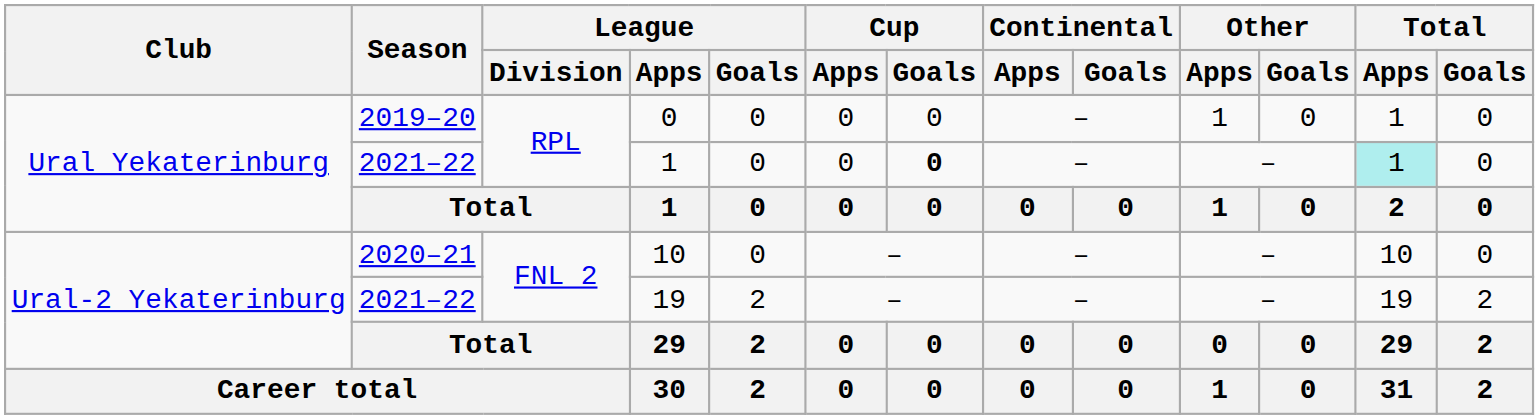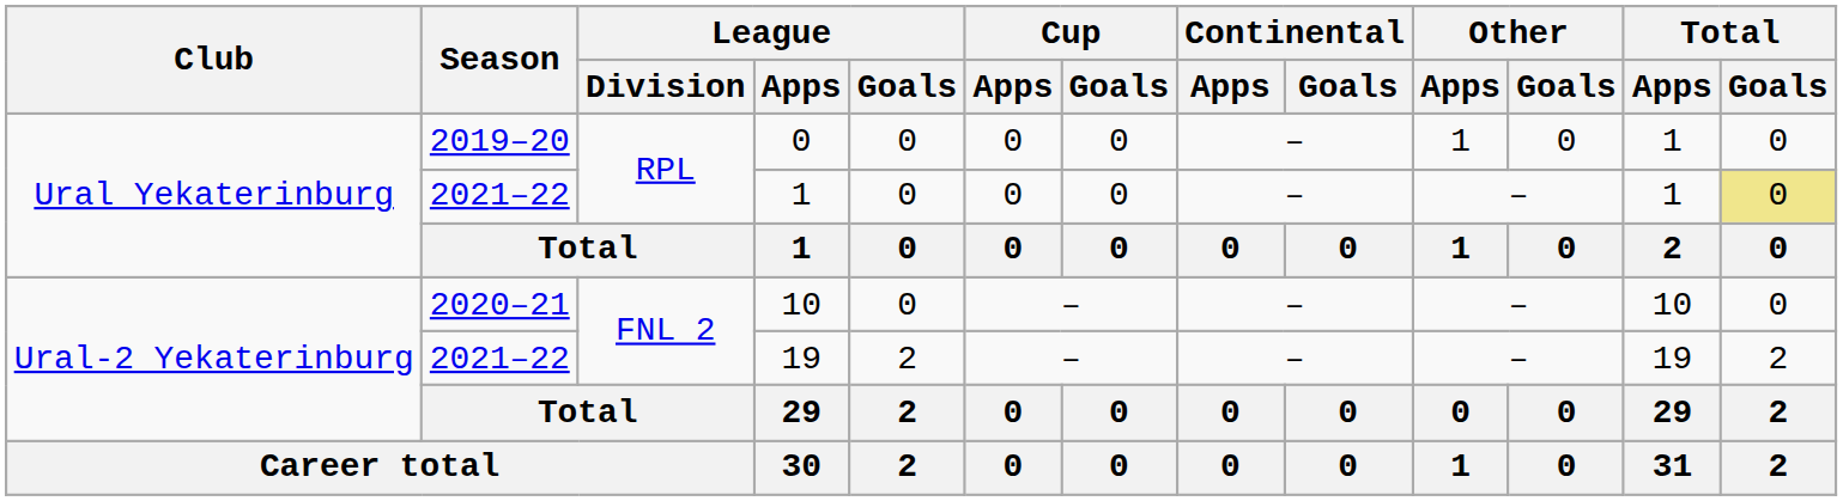 <table class="wikitable" style="text-align: center;">
 <tr>
 <th rowspan=2>Club</th>
 <th rowspan=2>Season</th>
 <th colspan=3>League</th>
 <th colspan=2>Cup</th>
 <th colspan=2>Continental</th>
 <th colspan=2>Other</th>
 <th colspan=2>Total</th>
 </tr>
 <tr>
 <th>Division</th>
 <th>Apps</th>
 <th>Goals</th>
 <th>Apps</th>
 <th>Goals</th>
 <th>Apps</th>
 <th>Goals</th>
 <th>Apps</th>
 <th>Goals</th>
 <th>Apps</th>
 <th>Goals</th>
 </tr>
 <tr>
 <td rowspan="3"><a href='#'>Ural Yekaterinburg</a></td>
 <td><a href='#'>2019–20</a></td>
 <td rowspan="2"><a href='#'>RPL</a></td>
 <td>0</td>
 <td>0</td>
 <td>0</td>
 <td>0</td>
 <td colspan=2>–</td>
 <td>1</td>
 <td>0</td>
 <td>1</td>
 <td>0</td>
 </tr>
 <tr>
 <td><a href='#'>2021–22</a></td>
 <td>1</td>
 <td>0</td>
 <td>0</td>
-<td><strong>0</strong></td>
+<td>0</td>
 <td colspan=2>–</td>
 <td colspan=2>–</td>
-<td style="background: paleturquoise;">1</td>
-<td>0</td>
+<td>1</td>
+<td style="background: khaki;">0</td>
 </tr>
 <tr>
 <th colspan=2>Total</th>
 <th>1</th>
 <th>0</th>
 <th>0</th>
 <th>0</th>
 <th>0</th>
 <th>0</th>
 <th>1</th>
 <th>0</th>
 <th>2</th>
 <th>0</th>
 </tr>
 <tr>
 <td rowspan="3"><a href='#'>Ural-2 Yekaterinburg</a></td>
 <td><a href='#'>2020–21</a></td>
 <td rowspan="2"><a href='#'>FNL 2</a></td>
 <td>10</td>
 <td>0</td>
 <td colspan=2>–</td>
 <td colspan=2>–</td>
 <td colspan=2>–</td>
 <td>10</td>
 <td>0</td>
 </tr>
 <tr>
 <td><a href='#'>2021–22</a></td>
 <td>19</td>
 <td>2</td>
 <td colspan=2>–</td>
 <td colspan=2>–</td>
 <td colspan=2>–</td>
 <td>19</td>
 <td>2</td>
 </tr>
 <tr>
 <th colspan=2>Total</th>
 <th>29</th>
 <th>2</th>
 <th>0</th>
 <th>0</th>
 <th>0</th>
 <th>0</th>
 <th>0</th>
 <th>0</th>
 <th>29</th>
 <th>2</th>
 </tr>
 <tr>
 <th colspan=3>Career total</th>
 <th>30</th>
 <th>2</th>
 <th>0</th>
 <th>0</th>
 <th>0</th>
 <th>0</th>
 <th>1</th>
 <th>0</th>
 <th>31</th>
 <th>2</th>
 </tr>
 </table>
